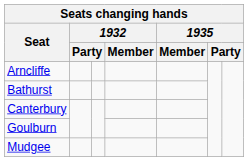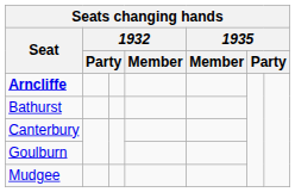 <table class="wikitable sortable">
 <tr>
 <th colspan="7">Seats changing hands</th>
 </tr>
 <tr>
 <th rowspan="2">Seat</th>
 <th colspan="3"><em>1932</em></th>
 <th colspan="3"><em>1935</em></th>
 </tr>
 <tr>
 <th colspan="2">Party</th>
 <th>Member</th>
 <th>Member</th>
 <th colspan="2">Party</th>
 </tr>
 <tr>
-<td><a href='#'>Arncliffe</a></td>
+<td><strong><a href='#'>Arncliffe</a></strong></td>
 <td> </td>
 <td></td>
 <td></td>
 <td></td>
 <td rowspan="5"></td>
 <td rowspan="5" > </td>
 </tr>
 <tr>
 <td><a href='#'>Bathurst</a></td>
 <td> </td>
 <td></td>
 <td></td>
 <td></td>
 </tr>
 <tr>
 <td><a href='#'>Canterbury</a></td>
 <td rowspan="2" > </td>
 <td rowspan="2"></td>
 <td></td>
 <td></td>
 </tr>
 <tr>
 <td><a href='#'>Goulburn</a></td>
 <td></td>
 <td></td>
 </tr>
 <tr>
 <td><a href='#'>Mudgee</a></td>
 <td> </td>
 <td></td>
 <td></td>
 <td></td>
 </tr>
 </table>
